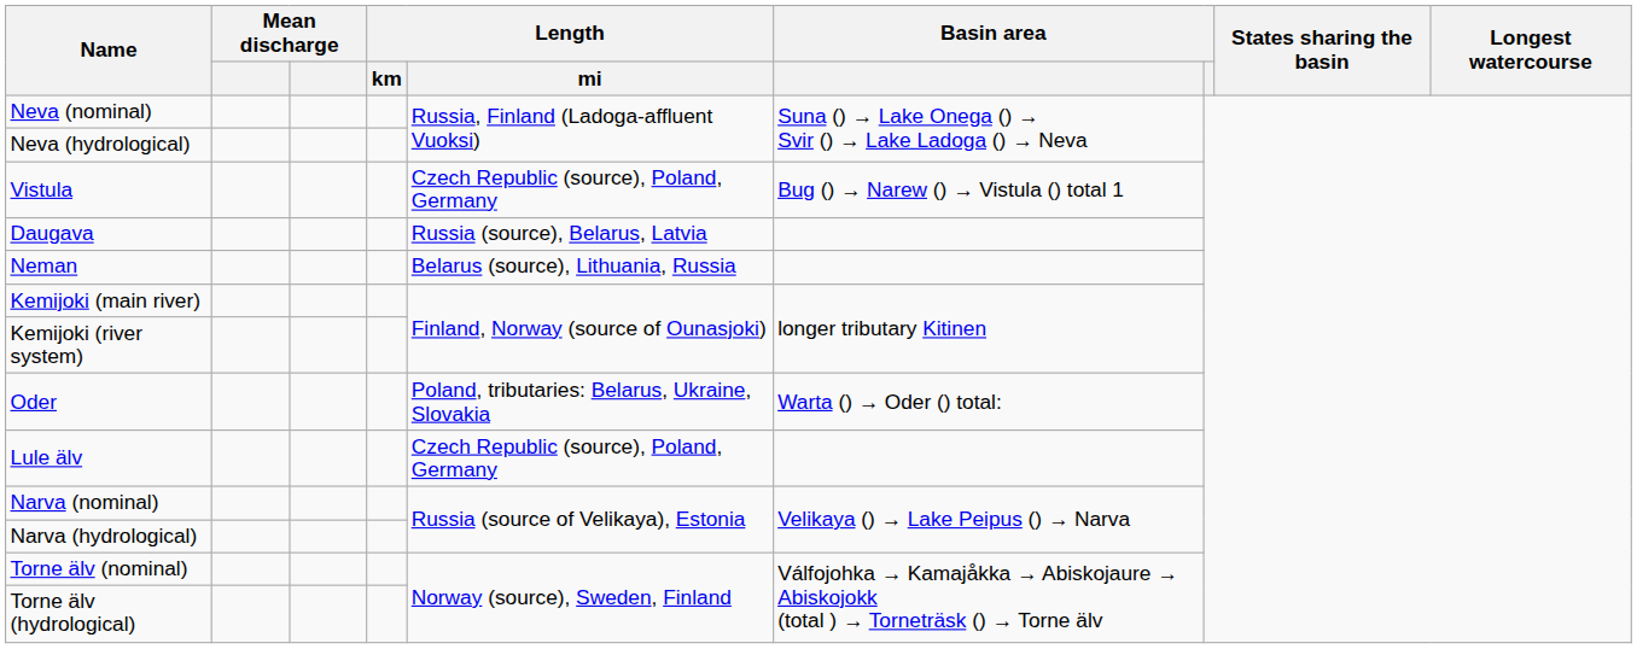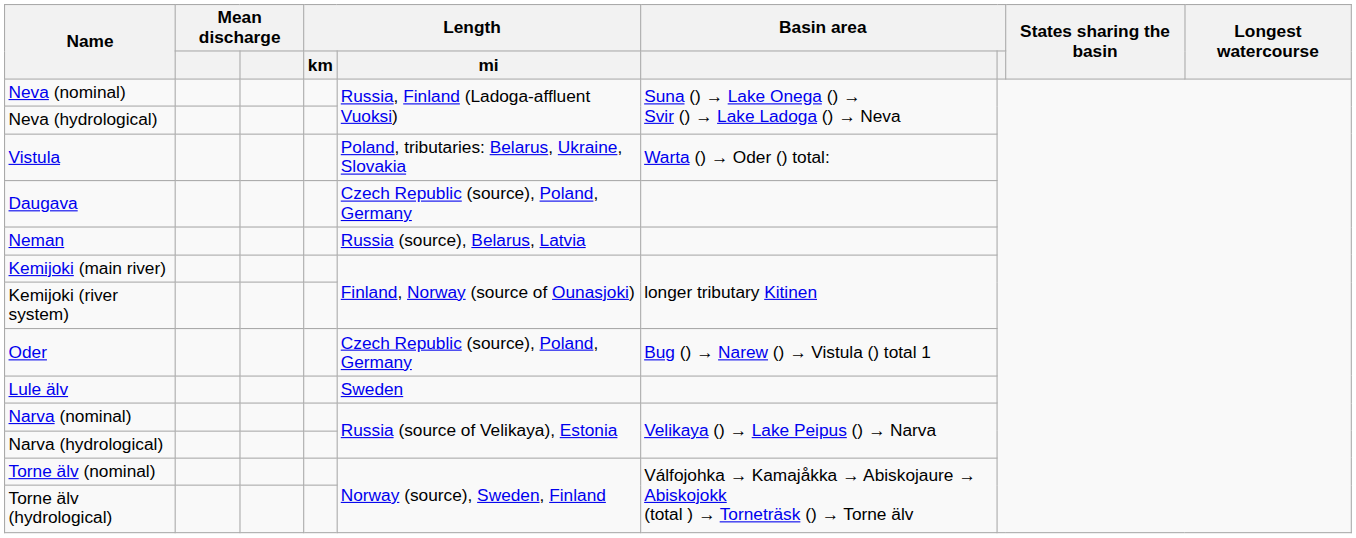 <table class="wikitable sortable" style="padding:6px; spacing:6px;">
 <tr>
 <th rowspan=2>Name</th>
 <th colspan=2>Mean discharge</th>
 <th colspan=2>Length</th>
 <th colspan=2>Basin area</th>
 <th rowspan=2>States sharing the basin</th>
 <th rowspan=2>Longest watercourse</th>
 </tr>
 <tr>
 <th></th>
 <th></th>
 <th>km</th>
 <th>mi</th>
 <th></th>
 <th></th>
 </tr>
 <tr>
 <td><a href='#'>Neva</a> (nominal)</td>
 <td></td>
 <td></td>
 <td></td>
 <td rowspan=2><a href='#'>Russia</a>, <a href='#'>Finland</a> (Ladoga-affluent <a href='#'>Vuoksi</a>)</td>
 <td rowspan=2><a href='#'>Suna</a> () → <a href='#'>Lake Onega</a> () →<br><a href='#'>Svir</a> () → <a href='#'>Lake Ladoga</a> () → Neva</td>
 </tr>
 <tr>
 <td>Neva (hydrological)</td>
 <td></td>
 <td></td>
 <td></td>
 </tr>
 <tr>
 <td><a href='#'>Vistula</a></td>
 <td></td>
 <td></td>
 <td></td>
-<td><a href='#'>Czech Republic</a> (source), <a href='#'>Poland</a>, <a href='#'>Germany</a></td>
-<td><a href='#'>Bug</a> () → <a href='#'>Narew</a> () → Vistula () total 1</td>
+<td><a href='#'>Poland</a>, tributaries: <a href='#'>Belarus</a>, <a href='#'>Ukraine</a>, <a href='#'>Slovakia</a></td>
+<td><a href='#'>Warta</a> () → Oder () total: </td>
 </tr>
 <tr>
 <td><a href='#'>Daugava</a></td>
 <td></td>
 <td></td>
 <td></td>
-<td><a href='#'>Russia</a> (source), <a href='#'>Belarus</a>, <a href='#'>Latvia</a></td>
+<td><a href='#'>Czech Republic</a> (source), <a href='#'>Poland</a>, <a href='#'>Germany</a></td>
 <td></td>
 </tr>
 <tr>
 <td><a href='#'>Neman</a></td>
 <td></td>
 <td></td>
 <td></td>
-<td><a href='#'>Belarus</a> (source), <a href='#'>Lithuania</a>, <a href='#'>Russia</a></td>
+<td><a href='#'>Russia</a> (source), <a href='#'>Belarus</a>, <a href='#'>Latvia</a></td>
 <td></td>
 </tr>
 <tr>
 <td><a href='#'>Kemijoki</a> (main river)</td>
 <td></td>
 <td></td>
 <td></td>
 <td rowspan=2><a href='#'>Finland</a>, <a href='#'>Norway</a> (source of <a href='#'>Ounasjoki</a>)</td>
 <td rowspan=2>longer tributary <a href='#'>Kitinen</a></td>
 </tr>
 <tr>
 <td>Kemijoki (river system)</td>
 <td></td>
 <td></td>
 <td></td>
 </tr>
 <tr>
 <td><a href='#'>Oder</a></td>
 <td></td>
 <td></td>
 <td></td>
-<td><a href='#'>Poland</a>, tributaries: <a href='#'>Belarus</a>, <a href='#'>Ukraine</a>, <a href='#'>Slovakia</a></td>
-<td><a href='#'>Warta</a> () → Oder () total: </td>
+<td><a href='#'>Czech Republic</a> (source), <a href='#'>Poland</a>, <a href='#'>Germany</a></td>
+<td><a href='#'>Bug</a> () → <a href='#'>Narew</a> () → Vistula () total 1</td>
 </tr>
 <tr>
 <td><a href='#'>Lule älv</a></td>
 <td></td>
 <td></td>
 <td></td>
-<td><a href='#'>Czech Republic</a> (source), <a href='#'>Poland</a>, <a href='#'>Germany</a></td>
+<td><a href='#'>Sweden</a></td>
 <td></td>
 </tr>
 <tr>
 <td><a href='#'>Narva</a> (nominal)</td>
 <td></td>
 <td></td>
 <td></td>
 <td rowspan=2><a href='#'>Russia</a> (source of Velikaya), <a href='#'>Estonia</a></td>
 <td rowspan=2><a href='#'>Velikaya</a> () → <a href='#'>Lake Peipus</a> () → Narva</td>
 </tr>
 <tr>
 <td>Narva (hydrological)</td>
 <td></td>
 <td></td>
 <td></td>
 </tr>
 <tr>
 <td><a href='#'>Torne älv</a> (nominal)</td>
 <td></td>
 <td></td>
 <td></td>
 <td rowspan=2><a href='#'>Norway</a> (source), <a href='#'>Sweden</a>, <a href='#'>Finland</a></td>
 <td rowspan=2>Válfojohka → Kamajåkka → Abiskojaure → <a href='#'>Abiskojokk</a><br>(total ) → <a href='#'>Torneträsk</a> () → Torne älv</td>
 </tr>
 <tr>
 <td>Torne älv (hydrological)</td>
 <td></td>
 <td></td>
 <td></td>
 </tr>
 </table>
